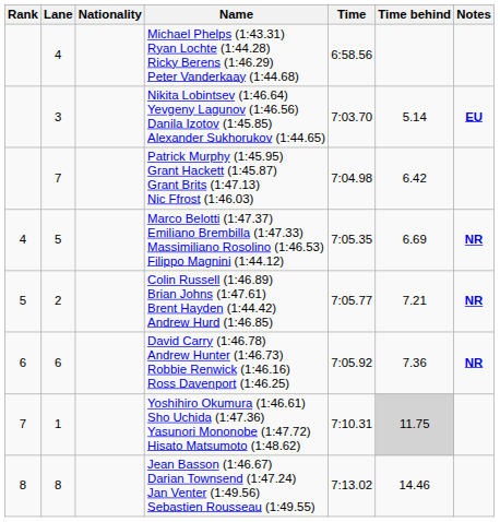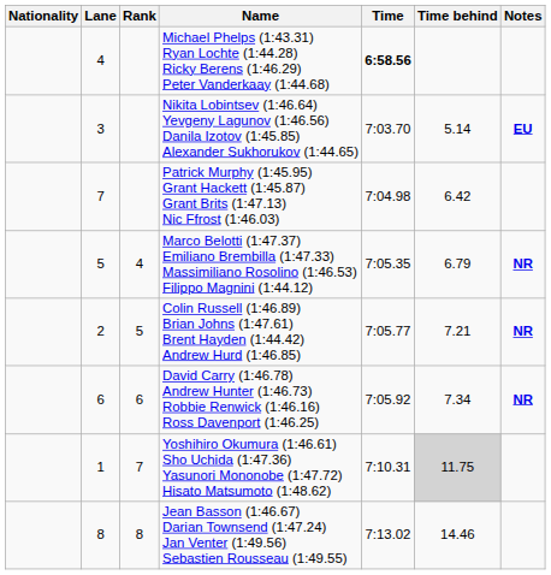 <table class="wikitable sortable" style="text-align:center">
 <tr>
+<th>Nationality</th>
+<th>Lane</th>
 <th>Rank</th>
-<th>Lane</th>
-<th>Nationality</th>
 <th>Name</th>
 <th>Time</th>
 <th>Time behind</th>
 <th>Notes</th>
 </tr>
 <tr>
+<td align=left></td>
+<td>4</td>
 <td></td>
-<td>4</td>
-<td align=left></td>
 <td align=left><a href='#'>Michael Phelps</a> (1:43.31)<br> <a href='#'>Ryan Lochte</a> (1:44.28)<br><a href='#'>Ricky Berens</a> (1:46.29)<br><a href='#'>Peter Vanderkaay</a> (1:44.68)</td>
-<td>6:58.56</td>
+<td><strong>6:58.56</strong></td>
 <td></td>
 <td></td>
 </tr>
 <tr>
+<td align=left></td>
+<td>3</td>
 <td></td>
-<td>3</td>
-<td align=left></td>
 <td align=left><a href='#'>Nikita Lobintsev</a> (1:46.64)<br><a href='#'>Yevgeny Lagunov</a> (1:46.56)<br><a href='#'>Danila Izotov</a> (1:45.85)<br><a href='#'>Alexander Sukhorukov</a> (1:44.65)</td>
 <td>7:03.70</td>
 <td>5.14</td>
 <td><strong><a href='#'>EU</a></strong></td>
 </tr>
 <tr>
+<td align=left></td>
+<td>7</td>
 <td></td>
-<td>7</td>
-<td align=left></td>
 <td align=left><a href='#'>Patrick Murphy</a> (1:45.95)<br> <a href='#'>Grant Hackett</a> (1:45.87)<br><a href='#'>Grant Brits</a> (1:47.13)<br><a href='#'>Nic Ffrost</a> (1:46.03)</td>
 <td>7:04.98</td>
 <td>6.42</td>
 <td></td>
 </tr>
 <tr>
+<td align=left></td>
+<td>5</td>
 <td>4</td>
-<td>5</td>
-<td align=left></td>
 <td align=left><a href='#'>Marco Belotti</a> (1:47.37)<br> <a href='#'>Emiliano Brembilla</a> (1:47.33)<br><a href='#'>Massimiliano Rosolino</a> (1:46.53)<br><a href='#'>Filippo Magnini</a> (1:44.12)</td>
 <td>7:05.35</td>
-<td>6.69</td>
+<td>6.79</td>
 <td><strong><a href='#'>NR</a></strong></td>
 </tr>
 <tr>
+<td align=left></td>
+<td>2</td>
 <td>5</td>
-<td>2</td>
-<td align=left></td>
 <td align=left><a href='#'>Colin Russell</a> (1:46.89)<br> <a href='#'>Brian Johns</a> (1:47.61)<br><a href='#'>Brent Hayden</a> (1:44.42)<br><a href='#'>Andrew Hurd</a> (1:46.85)</td>
 <td>7:05.77</td>
 <td>7.21</td>
 <td><strong><a href='#'>NR</a></strong></td>
 </tr>
 <tr>
+<td align=left></td>
 <td>6</td>
 <td>6</td>
-<td align=left></td>
 <td align=left><a href='#'>David Carry</a> (1:46.78)<br> <a href='#'>Andrew Hunter</a> (1:46.73)<br><a href='#'>Robbie Renwick</a> (1:46.16)<br><a href='#'>Ross Davenport</a> (1:46.25)</td>
 <td>7:05.92</td>
-<td>7.36</td>
+<td>7.34</td>
 <td><strong><a href='#'>NR</a></strong></td>
 </tr>
 <tr>
+<td align=left></td>
+<td>1</td>
 <td>7</td>
-<td>1</td>
-<td align=left></td>
 <td align=left><a href='#'>Yoshihiro Okumura</a> (1:46.61)<br> <a href='#'>Sho Uchida</a> (1:47.36)<br><a href='#'>Yasunori Mononobe</a> (1:47.72)<br><a href='#'>Hisato Matsumoto</a> (1:48.62)</td>
 <td>7:10.31</td>
 <td style="background: lightgrey;">11.75</td>
 <td></td>
 </tr>
 <tr>
+<td align=left></td>
 <td>8</td>
 <td>8</td>
-<td align=left></td>
 <td align=left><a href='#'>Jean Basson</a> (1:46.67)<br> <a href='#'>Darian Townsend</a> (1:47.24)<br><a href='#'>Jan Venter</a> (1:49.56)<br><a href='#'>Sebastien Rousseau</a> (1:49.55)</td>
 <td>7:13.02</td>
 <td>14.46</td>
 <td></td>
 </tr>
 </table>
